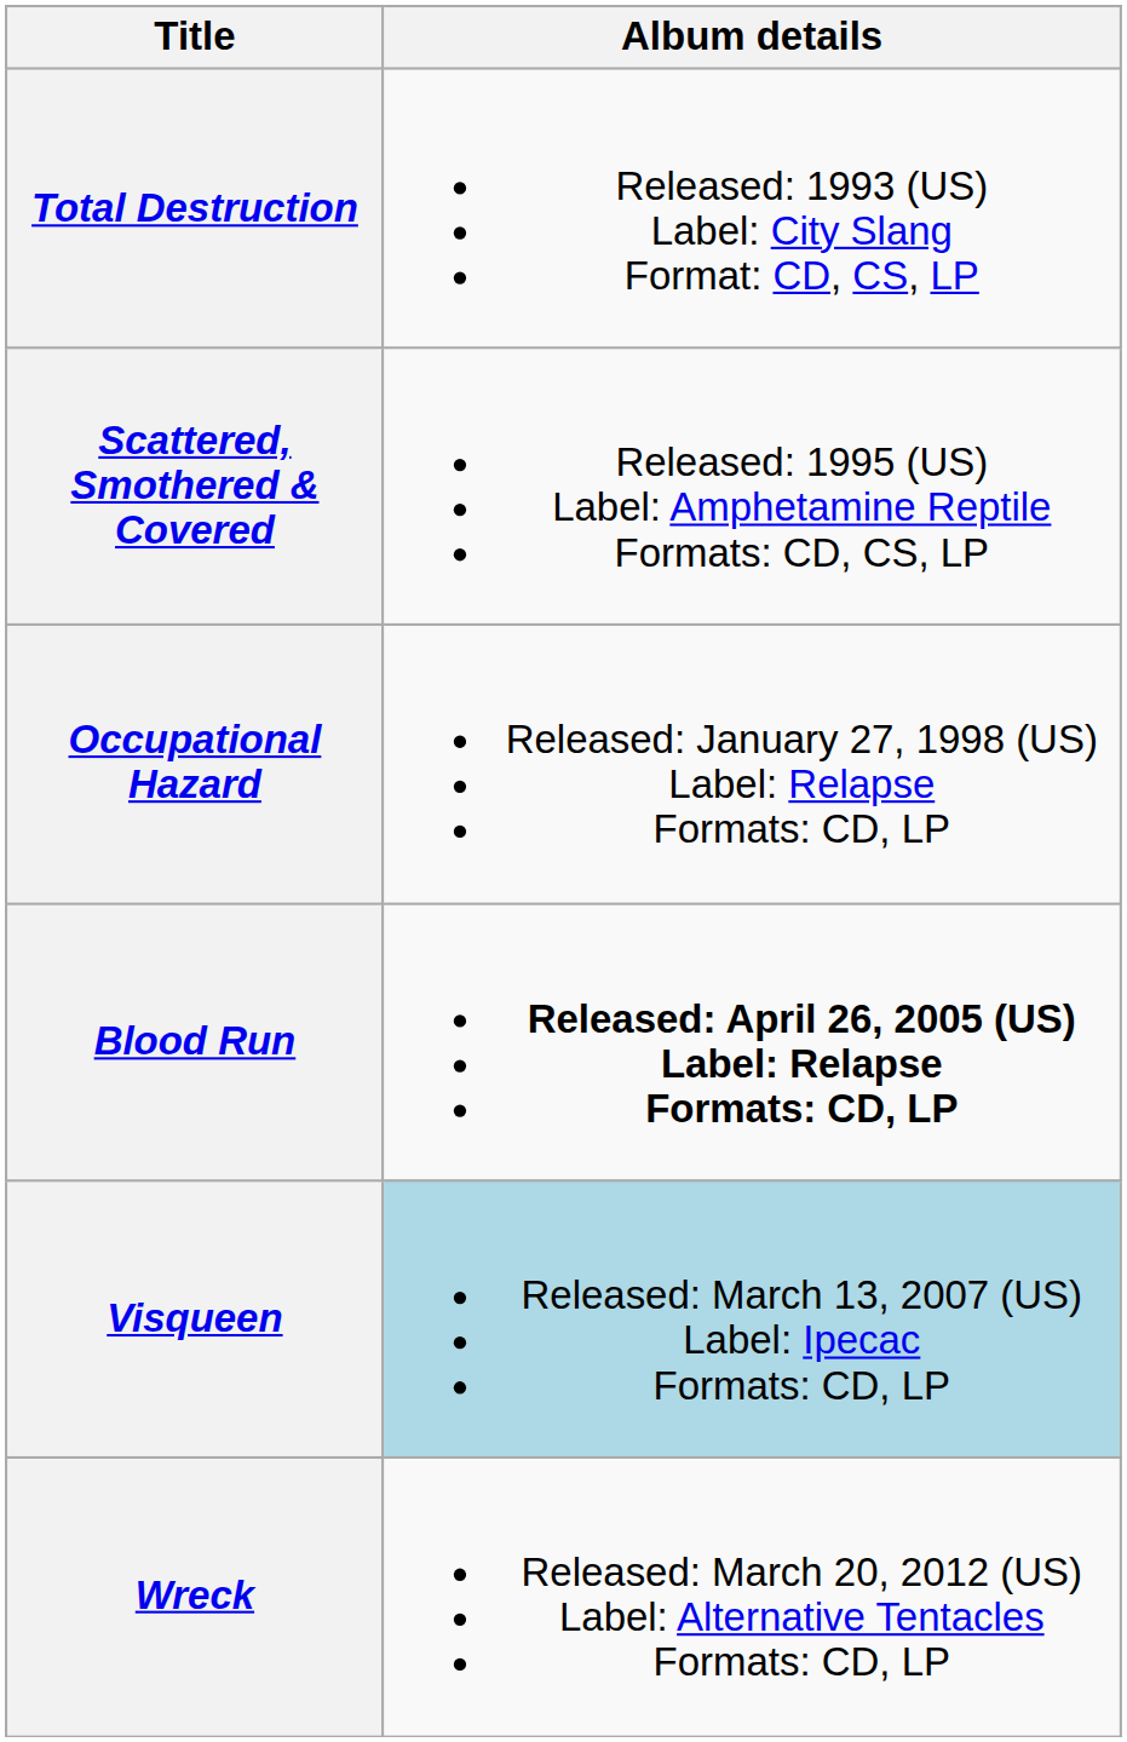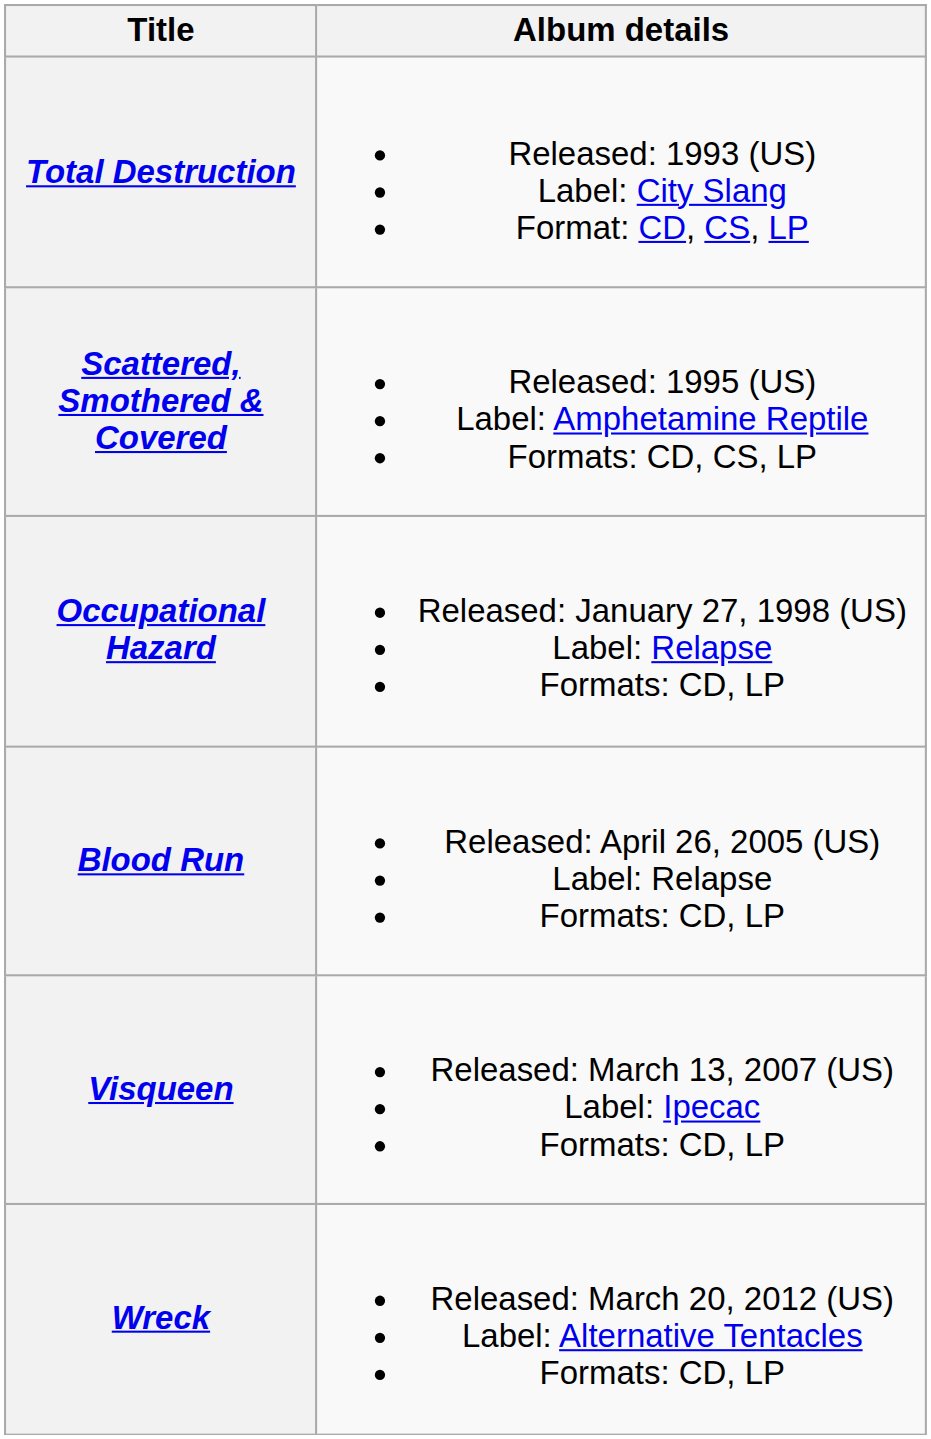 <table class="wikitable plainrowheaders" style="text-align:center;">
 <tr>
 <th scope="col" rowspan="1" style="width:9em;">Title</th>
 <th scope="col" rowspan="1" style="width:18em;">Album details</th>
 </tr>
 <tr>
 <th scope="row"><em><a href='#'>Total Destruction</a></em></th>
 <td><br><ul><li>Released: 1993 <span>(US)</span></li><li>Label: <a href='#'>City Slang</a></li><li>Format: <a href='#'>CD</a>, <a href='#'>CS</a>, <a href='#'>LP</a></li></ul></td>
 </tr>
 <tr>
 <th scope="row"><em><a href='#'>Scattered, Smothered & Covered</a></em></th>
 <td><br><ul><li>Released: 1995 <span>(US)</span></li><li>Label: <a href='#'>Amphetamine Reptile</a></li><li>Formats: CD, CS, LP</li></ul></td>
 </tr>
 <tr>
 <th scope="row"><em><a href='#'>Occupational Hazard</a></em></th>
 <td><br><ul><li>Released: January 27, 1998 <span>(US)</span></li><li>Label: <a href='#'>Relapse</a></li><li>Formats: CD, LP</li></ul></td>
 </tr>
 <tr>
 <th scope="row"><em><a href='#'>Blood Run</a></em></th>
-<td><strong><br><ul><li>Released: April 26, 2005 <span>(US)</span></li><li>Label: Relapse</li><li>Formats: CD, LP</li></ul></strong></td>
+<td><br><ul><li>Released: April 26, 2005 <span>(US)</span></li><li>Label: Relapse</li><li>Formats: CD, LP</li></ul></td>
 </tr>
 <tr>
 <th scope="row"><em><a href='#'>Visqueen</a></em></th>
-<td style="background: lightblue;"><br><ul><li>Released: March 13, 2007 <span>(US)</span></li><li>Label: <a href='#'>Ipecac</a></li><li>Formats: CD, LP</li></ul></td>
+<td><br><ul><li>Released: March 13, 2007 <span>(US)</span></li><li>Label: <a href='#'>Ipecac</a></li><li>Formats: CD, LP</li></ul></td>
 </tr>
 <tr>
 <th scope="row"><em><a href='#'>Wreck</a></em></th>
 <td><br><ul><li>Released: March 20, 2012 <span>(US)</span></li><li>Label: <a href='#'>Alternative Tentacles</a></li><li>Formats: CD, LP</li></ul></td>
 </tr>
 </table>
